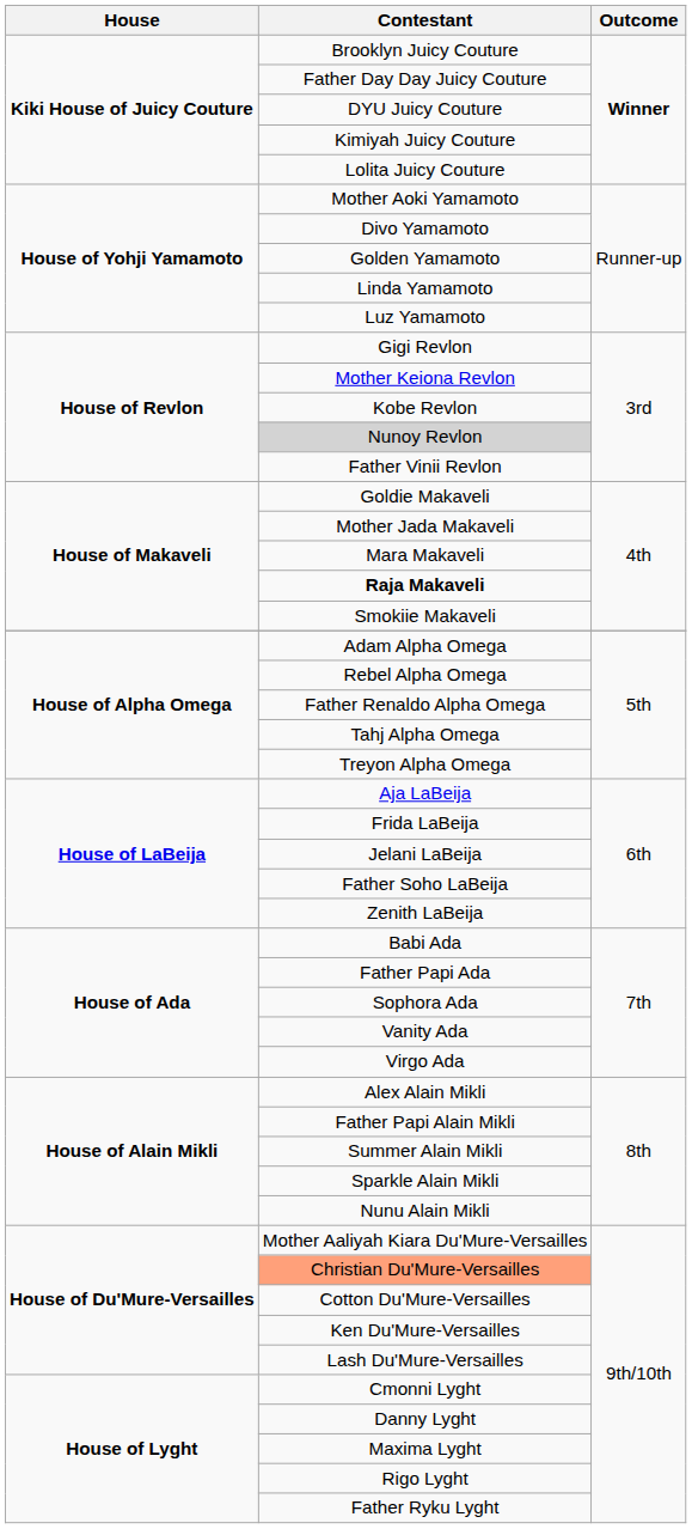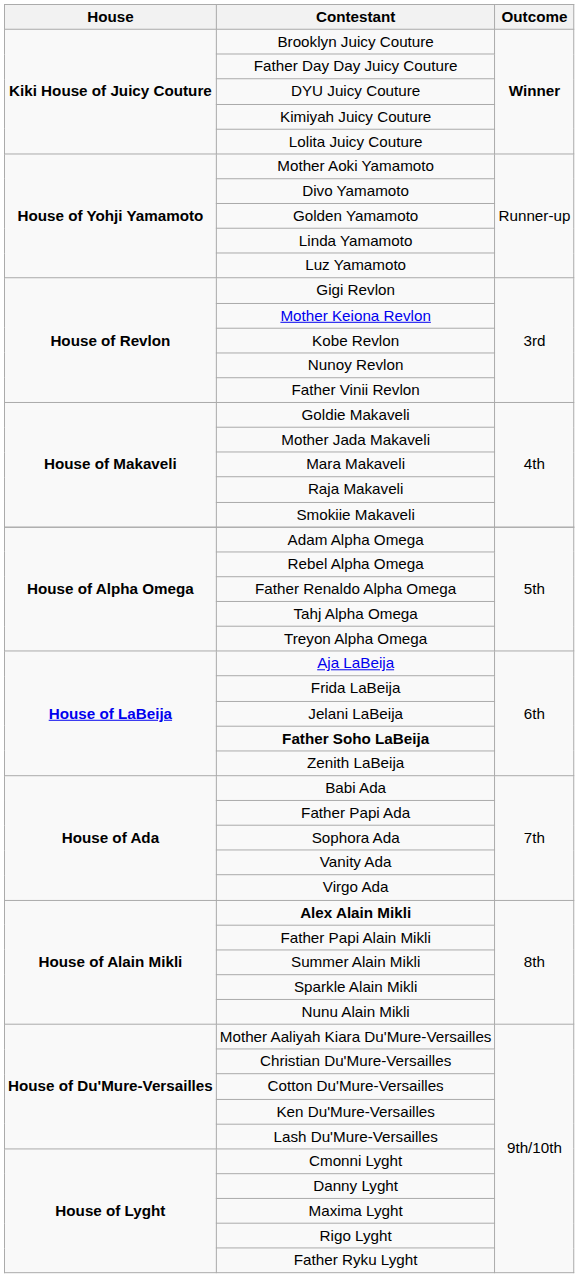 <table class="wikitable sortable" border="2" style="text-align: center; font-size: 96%;">
 <tr>
 <th>House</th>
 <th>Contestant</th>
 <th>Outcome</th>
 </tr>
 <tr>
 <td rowspan="5"><strong>Kiki House of Juicy Couture</strong></td>
 <td>Brooklyn Juicy Couture</td>
 <td rowspan="5"><strong>Winner</strong></td>
 </tr>
 <tr>
 <td>Father Day Day Juicy Couture</td>
 </tr>
 <tr>
 <td>DYU Juicy Couture</td>
 </tr>
 <tr>
 <td>Kimiyah Juicy Couture</td>
 </tr>
 <tr>
 <td>Lolita Juicy Couture</td>
 </tr>
 <tr>
 <td rowspan="5"><strong>House of Yohji Yamamoto</strong></td>
 <td>Mother Aoki Yamamoto</td>
 <td rowspan="5">Runner-up</td>
 </tr>
 <tr>
 <td>Divo Yamamoto</td>
 </tr>
 <tr>
 <td>Golden Yamamoto</td>
 </tr>
 <tr>
 <td>Linda Yamamoto</td>
 </tr>
 <tr>
 <td>Luz Yamamoto</td>
 </tr>
 <tr>
 <td rowspan="5"><strong>House of Revlon</strong></td>
 <td>Gigi Revlon</td>
 <td rowspan="5">3rd</td>
 </tr>
 <tr>
 <td><a href='#'>Mother Keiona Revlon</a></td>
 </tr>
 <tr>
 <td>Kobe Revlon</td>
 </tr>
 <tr>
-<td style="background: lightgrey;">Nunoy Revlon</td>
+<td>Nunoy Revlon</td>
 </tr>
 <tr>
 <td>Father Vinii Revlon</td>
 </tr>
 <tr>
 <td rowspan="5"><strong>House of Makaveli</strong></td>
 <td>Goldie Makaveli</td>
 <td rowspan="5">4th</td>
 </tr>
 <tr>
 <td>Mother Jada Makaveli</td>
 </tr>
 <tr>
 <td>Mara Makaveli</td>
 </tr>
 <tr>
-<td><strong>Raja Makaveli</strong></td>
+<td>Raja Makaveli</td>
 </tr>
 <tr>
 <td>Smokiie Makaveli</td>
 </tr>
 <tr>
 </tr>
 <tr>
 <td rowspan="5"><strong>House of Alpha Omega</strong></td>
 <td>Adam Alpha Omega</td>
 <td rowspan="5">5th</td>
 </tr>
 <tr>
 <td>Rebel Alpha Omega</td>
 </tr>
 <tr>
 <td>Father Renaldo Alpha Omega</td>
 </tr>
 <tr>
 <td>Tahj Alpha Omega</td>
 </tr>
 <tr>
 <td>Treyon Alpha Omega</td>
 </tr>
 <tr>
 <td rowspan="5"><strong><a href='#'>House of LaBeija</a></strong></td>
 <td><a href='#'>Aja LaBeija</a></td>
 <td rowspan="5">6th</td>
 </tr>
 <tr>
 <td>Frida LaBeija</td>
 </tr>
 <tr>
 <td>Jelani LaBeija</td>
 </tr>
 <tr>
-<td>Father Soho LaBeija</td>
+<td><strong>Father Soho LaBeija</strong></td>
 </tr>
 <tr>
 <td>Zenith LaBeija</td>
 </tr>
 <tr>
 <td rowspan="5"><strong>House of Ada</strong></td>
 <td>Babi Ada</td>
 <td rowspan="5">7th</td>
 </tr>
 <tr>
 <td>Father Papi Ada</td>
 </tr>
 <tr>
 <td>Sophora Ada</td>
 </tr>
 <tr>
 <td>Vanity Ada</td>
 </tr>
 <tr>
 <td>Virgo Ada</td>
 </tr>
 <tr>
 <td rowspan="5"><strong>House of Alain Mikli</strong></td>
-<td>Alex Alain Mikli</td>
+<td><strong>Alex Alain Mikli</strong></td>
 <td rowspan="5">8th</td>
 </tr>
 <tr>
 <td>Father Papi Alain Mikli</td>
 </tr>
 <tr>
 <td>Summer Alain Mikli</td>
 </tr>
 <tr>
 <td>Sparkle Alain Mikli</td>
 </tr>
 <tr>
 <td>Nunu Alain Mikli</td>
 </tr>
 <tr>
 <td rowspan="5"><strong>House of Du'Mure-Versailles</strong></td>
 <td>Mother Aaliyah Kiara Du'Mure-Versailles</td>
 <td rowspan="10">9th/10th</td>
 </tr>
 <tr>
-<td style="background: lightsalmon;">Christian Du'Mure-Versailles</td>
+<td>Christian Du'Mure-Versailles</td>
 </tr>
 <tr>
 <td>Cotton Du'Mure-Versailles</td>
 </tr>
 <tr>
 <td>Ken Du'Mure-Versailles</td>
 </tr>
 <tr>
 <td>Lash Du'Mure-Versailles</td>
 </tr>
 <tr>
 <td rowspan="5"><strong>House of Lyght</strong></td>
 <td>Cmonni Lyght</td>
 </tr>
 <tr>
 <td>Danny Lyght</td>
 </tr>
 <tr>
 <td>Maxima Lyght</td>
 </tr>
 <tr>
 <td>Rigo Lyght</td>
 </tr>
 <tr>
 <td>Father Ryku Lyght</td>
 </tr>
 </table>
